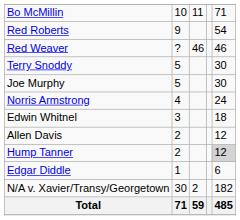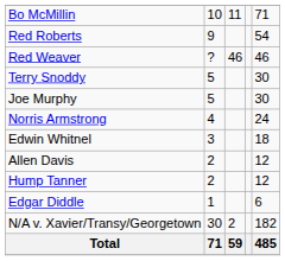 <table class="wikitable">
 <tr>
 </tr>
 <tr>
 <td><a href='#'>Bo McMillin</a></td>
 <td>10</td>
 <td>11</td>
 <td></td>
 <td>71</td>
 </tr>
 <tr>
 <td><a href='#'>Red Roberts</a></td>
 <td>9</td>
 <td></td>
 <td></td>
 <td>54</td>
 </tr>
 <tr>
 <td><a href='#'>Red Weaver</a></td>
 <td>?</td>
 <td>46</td>
 <td></td>
 <td>46</td>
 </tr>
 <tr>
 <td><a href='#'>Terry Snoddy</a></td>
 <td>5</td>
 <td></td>
 <td></td>
 <td>30</td>
 </tr>
 <tr>
 <td>Joe Murphy</td>
 <td>5</td>
 <td></td>
 <td></td>
 <td>30</td>
 </tr>
 <tr>
 <td><a href='#'>Norris Armstrong</a></td>
 <td>4</td>
 <td></td>
 <td></td>
 <td>24</td>
 </tr>
 <tr>
 <td>Edwin Whitnel</td>
 <td>3</td>
 <td></td>
 <td></td>
 <td>18</td>
 </tr>
 <tr>
 <td>Allen Davis</td>
 <td>2</td>
 <td></td>
 <td></td>
 <td>12</td>
 </tr>
 <tr>
 <td><a href='#'>Hump Tanner</a></td>
 <td>2</td>
 <td></td>
 <td></td>
-<td style="background: lightgrey;">12</td>
+<td>12</td>
 </tr>
 <tr>
 <td><a href='#'>Edgar Diddle</a></td>
 <td>1</td>
 <td></td>
 <td></td>
 <td>6</td>
 </tr>
 <tr>
 <td>N/A v. Xavier/Transy/Georgetown</td>
 <td>30</td>
 <td>2</td>
 <td></td>
 <td>182</td>
 </tr>
 <tr>
 <th>Total</th>
 <th>71</th>
 <th>59</th>
 <th></th>
 <th>485</th>
 </tr>
 <tr style="text-align:center;" bgcolor="">
 </tr>
 </table>
